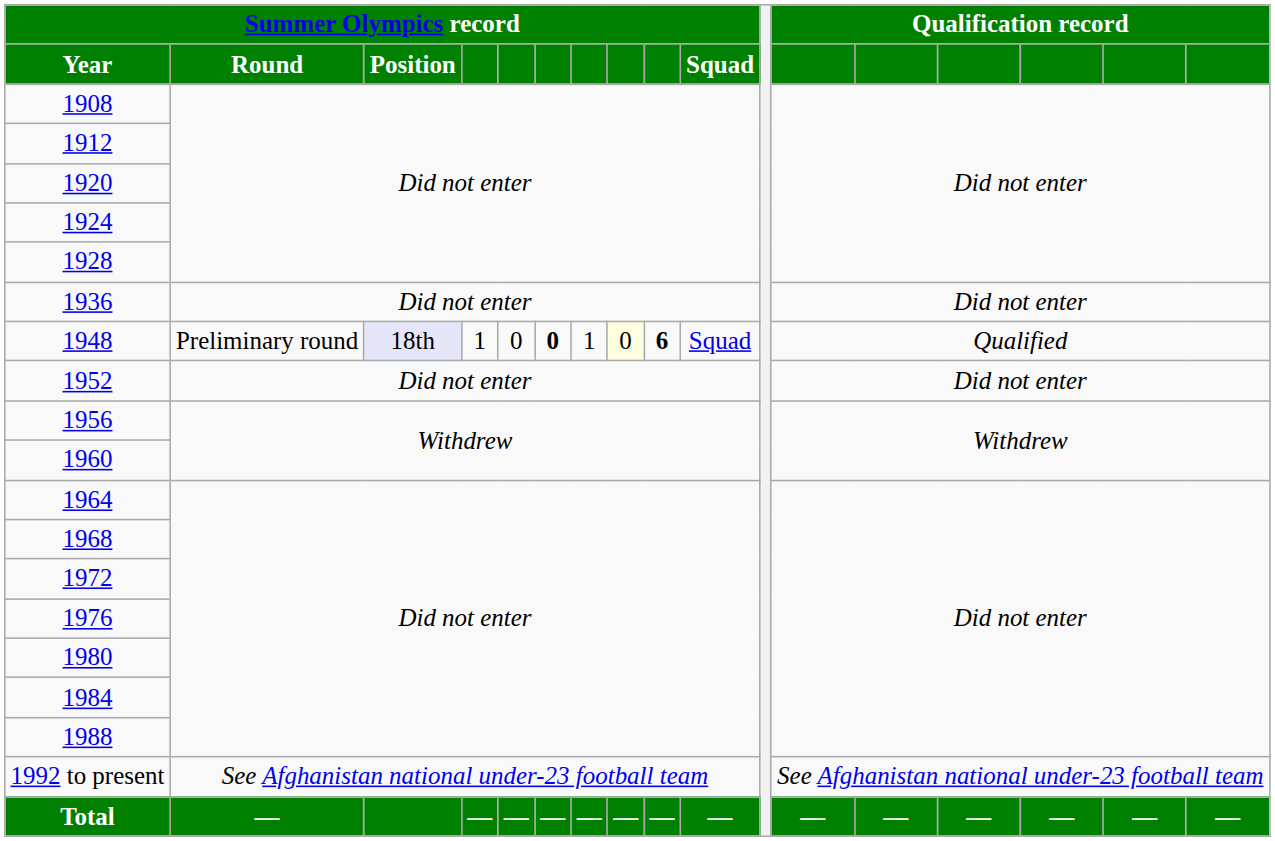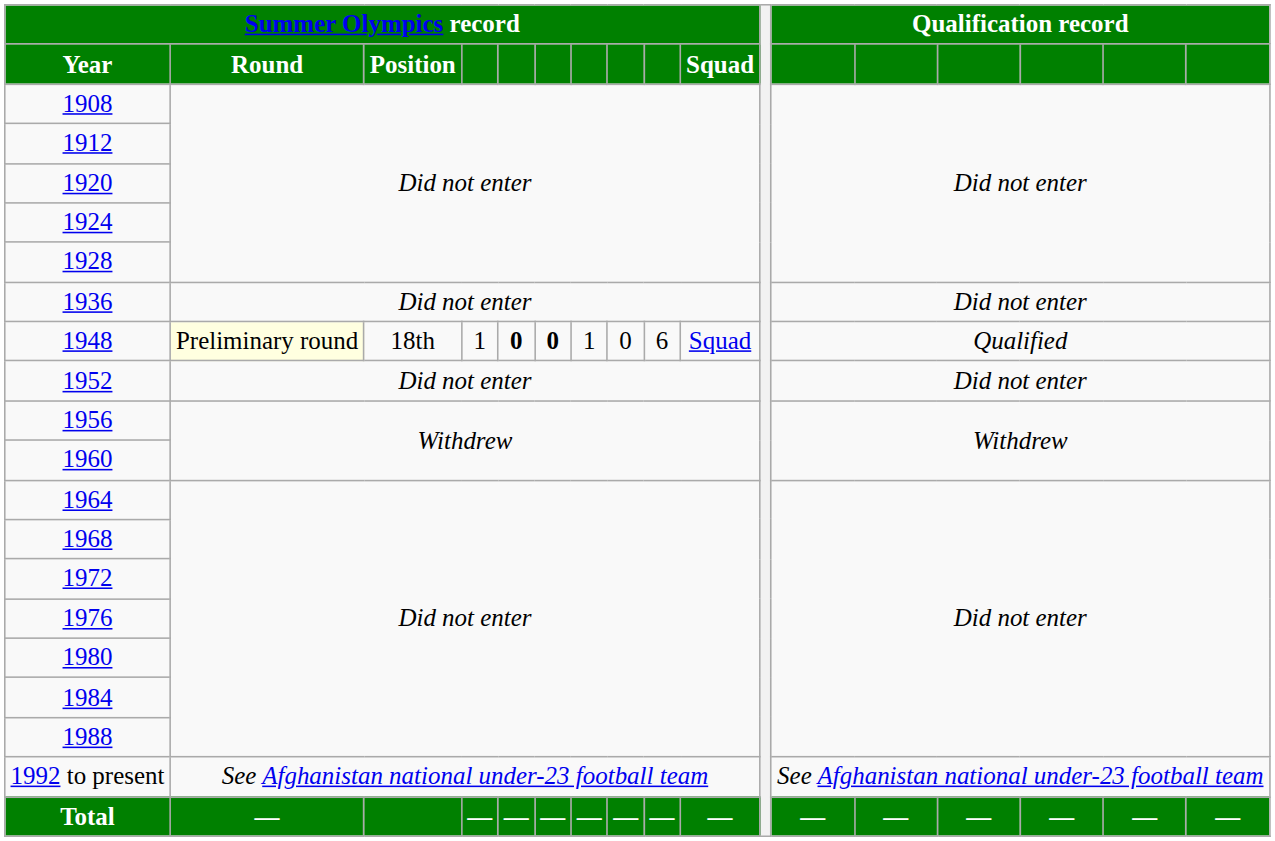 <table class="wikitable" style="text-align:center">
 <tr>
 <th colspan="10" style="background:green; color:#FFF; "><a href='#'><span>Summer Olympics</span></a> record</th>
 <th rowspan="25"></th>
 <th colspan="6" style="background:green; color:#FFF; ">Qualification record</th>
 </tr>
 <tr>
 <th style="background:green; color:#FFF; ">Year</th>
 <th style="background:green; color:#FFF; ">Round</th>
 <th style="background:green; color:#FFF; ">Position</th>
 <th style="background:green; color:#FFF; "></th>
 <th style="background:green; color:#FFF; "></th>
 <th style="background:green; color:#FFF; "></th>
 <th style="background:green; color:#FFF; "></th>
 <th style="background:green; color:#FFF; "></th>
 <th style="background:green; color:#FFF; "></th>
 <th style="background:green; color:#FFF; ">Squad</th>
 <th style="background:green; color:#FFF; "></th>
 <th style="background:green; color:#FFF; "></th>
 <th style="background:green; color:#FFF; "></th>
 <th style="background:green; color:#FFF; "></th>
 <th style="background:green; color:#FFF; "></th>
 <th style="background:green; color:#FFF; "></th>
 </tr>
 <tr>
 <td> <a href='#'>1908</a></td>
 <td rowspan="5" colspan="9"><em>Did not enter</em></td>
 <td rowspan="5" colspan="6"><em>Did not enter</em></td>
 </tr>
 <tr>
 <td> <a href='#'>1912</a></td>
 </tr>
 <tr>
 <td> <a href='#'>1920</a></td>
 </tr>
 <tr>
 <td> <a href='#'>1924</a></td>
 </tr>
 <tr>
 <td> <a href='#'>1928</a></td>
 </tr>
 <tr>
 <td> <a href='#'>1936</a></td>
 <td colspan="9"><em>Did not enter</em></td>
 <td colspan="6"><em>Did not enter</em></td>
 </tr>
 <tr>
 <td> <a href='#'>1948</a></td>
-<td>Preliminary round</td>
-<td style="background: lavender;">18th</td>
+<td style="background: lightyellow;">Preliminary round</td>
+<td>18th</td>
+<td>1</td>
+<td><strong>0</strong></td>
+<td><strong>0</strong></td>
 <td>1</td>
 <td>0</td>
-<td><strong>0</strong></td>
-<td>1</td>
-<td style="background: lightyellow;">0</td>
-<td><strong>6</strong></td>
+<td>6</td>
 <td><a href='#'>Squad</a></td>
 <td colspan="6"><em>Qualified</em></td>
 </tr>
 <tr>
 <td> <a href='#'>1952</a></td>
 <td colspan="9"><em>Did not enter</em></td>
 <td colspan="6"><em>Did not enter</em></td>
 </tr>
 <tr>
 <td> <a href='#'>1956</a></td>
 <td rowspan="2" colspan="9"><em>Withdrew</em></td>
 <td rowspan="2" colspan="6"><em>Withdrew</em></td>
 </tr>
 <tr>
 <td> <a href='#'>1960</a></td>
 </tr>
 <tr>
 <td> <a href='#'>1964</a></td>
 <td rowspan="7" colspan="9"><em>Did not enter</em></td>
 <td rowspan="7" colspan="6"><em>Did not enter</em></td>
 </tr>
 <tr>
 <td> <a href='#'>1968</a></td>
 </tr>
 <tr>
 <td> <a href='#'>1972</a></td>
 </tr>
 <tr>
 <td> <a href='#'>1976</a></td>
 </tr>
 <tr>
 <td> <a href='#'>1980</a></td>
 </tr>
 <tr>
 <td> <a href='#'>1984</a></td>
 </tr>
 <tr>
 <td> <a href='#'>1988</a></td>
 </tr>
 <tr>
 <td> <a href='#'>1992</a> to present</td>
 <td colspan="9"><em>See <a href='#'>Afghanistan national under-23 football team</a></em></td>
 <td colspan="6"><em>See <a href='#'>Afghanistan national under-23 football team</a></em></td>
 </tr>
 <tr>
 <th style="background:green; color:#FFF; ">Total</th>
 <th style="background:green; color:#FFF; ">—</th>
 <th style="background:green; color:#FFF; "></th>
 <th style="background:green; color:#FFF; ">—</th>
 <th style="background:green; color:#FFF; ">—</th>
 <th style="background:green; color:#FFF; ">—</th>
 <th style="background:green; color:#FFF; ">—</th>
 <th style="background:green; color:#FFF; ">—</th>
 <th style="background:green; color:#FFF; ">—</th>
 <th style="background:green; color:#FFF; ">—</th>
 <th style="background:green; color:#FFF; ">—</th>
 <th style="background:green; color:#FFF; ">—</th>
 <th style="background:green; color:#FFF; ">—</th>
 <th style="background:green; color:#FFF; ">—</th>
 <th style="background:green; color:#FFF; ">—</th>
 <th style="background:green; color:#FFF; ">—</th>
 </tr>
 </table>
